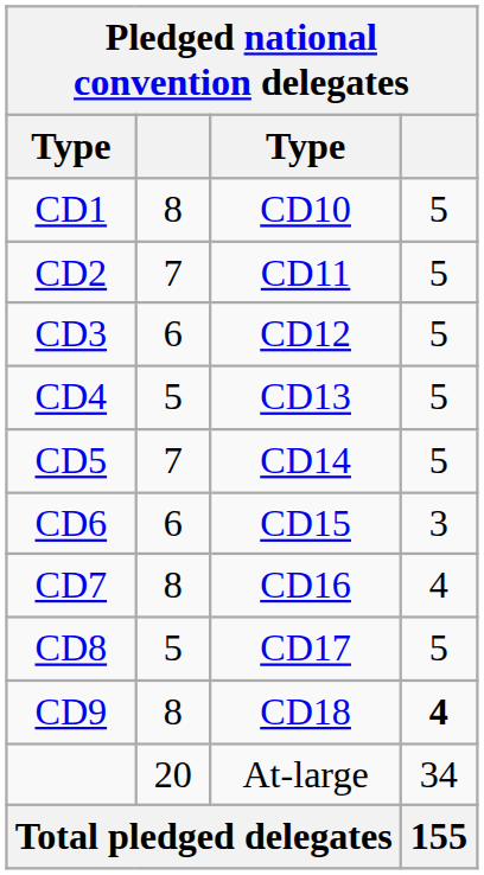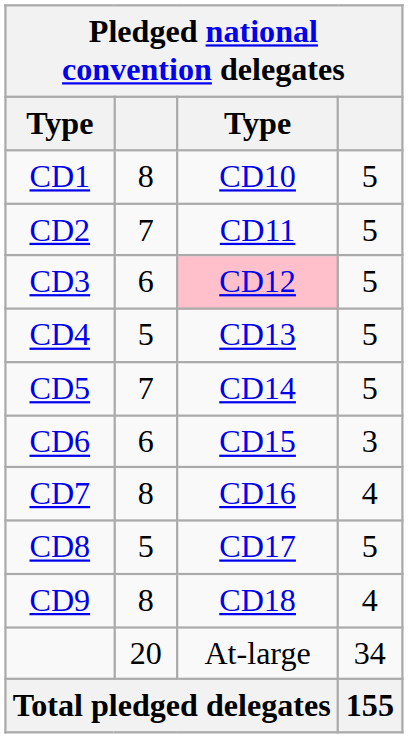 <table class="wikitable sortable" style="font-size:90%;text-align:center;float:right;padding:5px;">
 <tr>
 <th colspan="4">Pledged <a href='#'>national<br>convention</a> delegates</th>
 </tr>
 <tr>
 <th>Type</th>
 <th></th>
 <th>Type</th>
 <th></th>
 </tr>
 <tr>
 <td><a href='#'>CD1</a></td>
 <td>8</td>
 <td><a href='#'>CD10</a></td>
 <td>5</td>
 </tr>
 <tr>
 <td><a href='#'>CD2</a></td>
 <td>7</td>
 <td><a href='#'>CD11</a></td>
 <td>5</td>
 </tr>
 <tr>
 <td><a href='#'>CD3</a></td>
 <td>6</td>
-<td><a href='#'>CD12</a></td>
+<td style="background: pink;"><a href='#'>CD12</a></td>
 <td>5</td>
 </tr>
 <tr>
 <td><a href='#'>CD4</a></td>
 <td>5</td>
 <td><a href='#'>CD13</a></td>
 <td>5</td>
 </tr>
 <tr>
 <td><a href='#'>CD5</a></td>
 <td>7</td>
 <td><a href='#'>CD14</a></td>
 <td>5</td>
 </tr>
 <tr>
 <td><a href='#'>CD6</a></td>
 <td>6</td>
 <td><a href='#'>CD15</a></td>
 <td>3</td>
 </tr>
 <tr>
 <td><a href='#'>CD7</a></td>
 <td>8</td>
 <td><a href='#'>CD16</a></td>
 <td>4</td>
 </tr>
 <tr>
 <td><a href='#'>CD8</a></td>
 <td>5</td>
 <td><a href='#'>CD17</a></td>
 <td>5</td>
 </tr>
 <tr>
 <td><a href='#'>CD9</a></td>
 <td>8</td>
 <td><a href='#'>CD18</a></td>
-<td><strong>4</strong></td>
+<td>4</td>
 </tr>
 <tr>
 <td></td>
 <td>20</td>
 <td>At-large</td>
 <td>34</td>
 </tr>
 <tr>
 <th colspan=3>Total pledged delegates</th>
 <th>155</th>
 </tr>
 </table>
